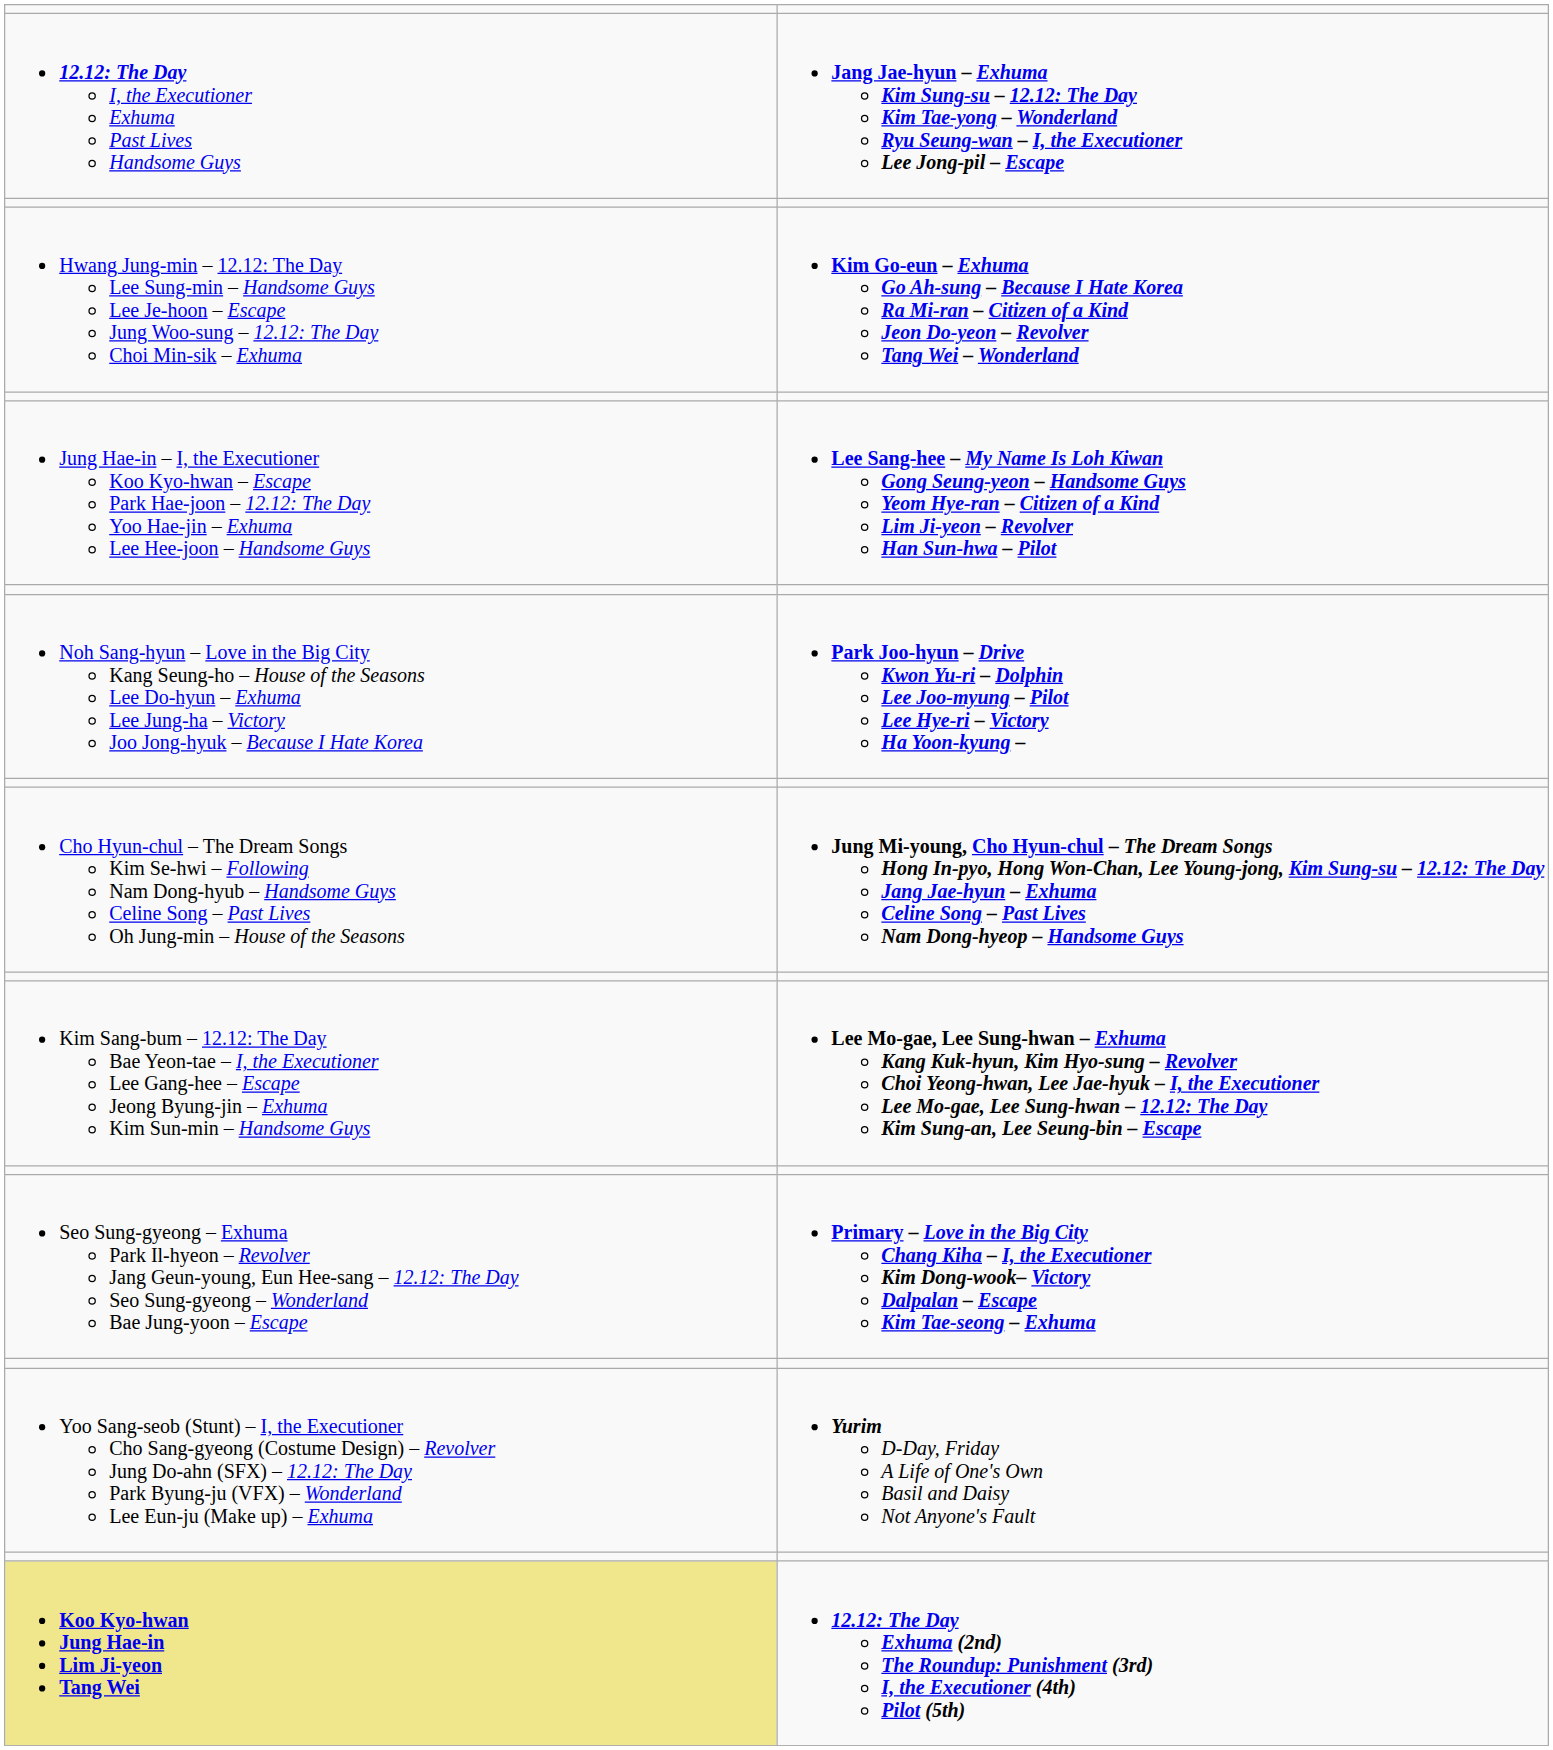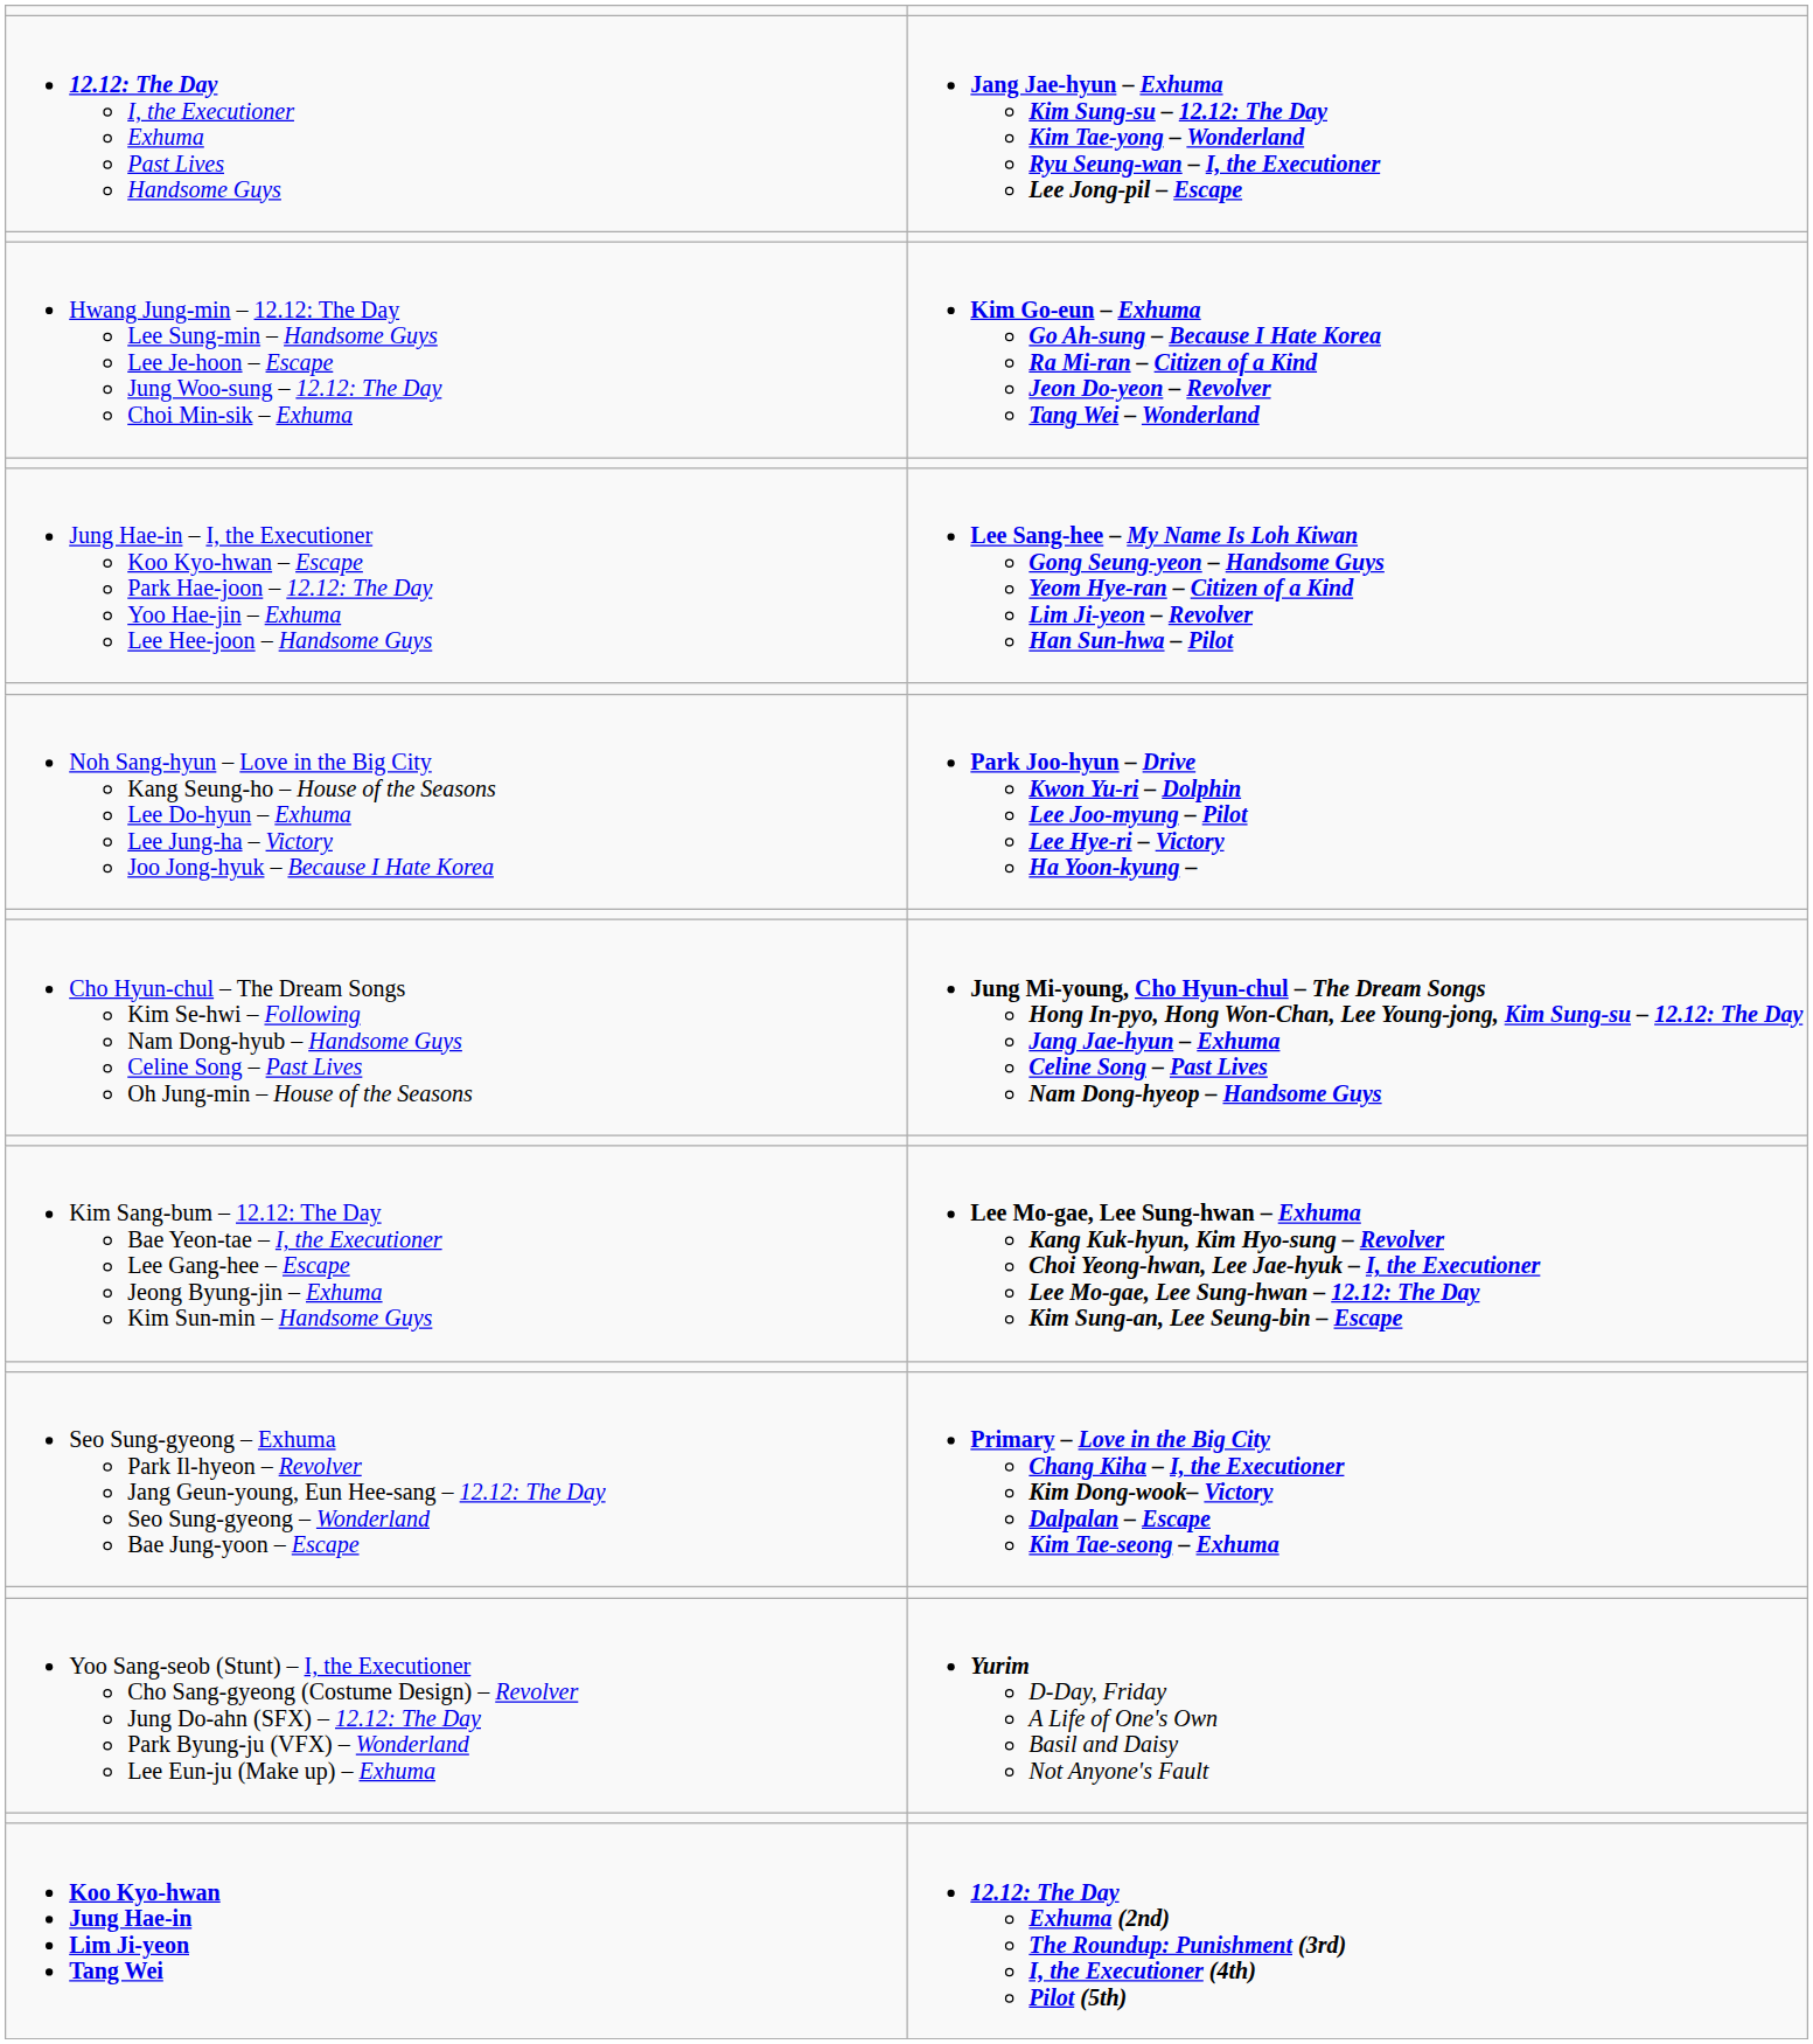 <table class="wikitable ">
 <tr>
 <td style="vertical-align:top; width:50%;"></td>
 <td style="vertical-align:top; width:50%;"></td>
 </tr>
 <tr>
 <td valign="top"><br><ul><li><strong><em><a href='#'>12.12: The Day</a></em></strong> <ul><li><em><a href='#'>I, the Executioner</a></em></li><li><em><a href='#'>Exhuma</a></em></li><li><em><a href='#'>Past Lives</a></em></li><li><em><a href='#'>Handsome Guys</a></em></li></ul></li></ul></td>
 <td valign="top"><br><ul><li><strong><a href='#'>Jang Jae-hyun</a> – <em><a href='#'>Exhuma</a><strong><em> <ul><li><a href='#'>Kim Sung-su</a> – </em><a href='#'>12.12: The Day</a><em></li><li><a href='#'>Kim Tae-yong</a> – </em><a href='#'>Wonderland</a><em></li><li><a href='#'>Ryu Seung-wan</a> – </em><a href='#'>I, the Executioner</a><em></li><li>Lee Jong-pil – </em><a href='#'>Escape</a><em></li></ul></li></ul></td>
 </tr>
 <tr>
 <td style="vertical-align:top; width:50%;"></td>
 <td style="vertical-align:top; width:50%;"></td>
 </tr>
 <tr>
 <td valign="top"><br><ul><li></strong><a href='#'>Hwang Jung-min</a> – </em><a href='#'>12.12: The Day</a></em></strong> <ul><li><a href='#'>Lee Sung-min</a> – <em><a href='#'>Handsome Guys</a></em></li><li><a href='#'>Lee Je-hoon</a> – <em><a href='#'>Escape</a></em></li><li><a href='#'>Jung Woo-sung</a> – <em><a href='#'>12.12: The Day</a></em></li><li><a href='#'>Choi Min-sik</a> – <em><a href='#'>Exhuma</a></em></li></ul></li></ul></td>
 <td valign="top"><br><ul><li><strong><a href='#'>Kim Go-eun</a> – <em><a href='#'>Exhuma</a><strong><em> <ul><li><a href='#'>Go Ah-sung</a> – </em><a href='#'>Because I Hate Korea</a><em></li><li><a href='#'>Ra Mi-ran</a> – </em><a href='#'>Citizen of a Kind</a><em></li><li><a href='#'>Jeon Do-yeon</a> – </em><a href='#'>Revolver</a><em></li><li><a href='#'>Tang Wei</a> – </em><a href='#'>Wonderland</a><em></li></ul></li></ul></td>
 </tr>
 <tr>
 <td style="vertical-align:top; width:50%;"></td>
 <td style="vertical-align:top; width:50%;"></td>
 </tr>
 <tr>
 <td valign="top"><br><ul><li></strong><a href='#'>Jung Hae-in</a> – </em><a href='#'>I, the Executioner</a></em></strong> <ul><li><a href='#'>Koo Kyo-hwan</a> – <em><a href='#'>Escape</a></em></li><li><a href='#'>Park Hae-joon</a> – <em><a href='#'>12.12: The Day</a></em></li><li><a href='#'>Yoo Hae-jin</a> – <em><a href='#'>Exhuma</a></em></li><li><a href='#'>Lee Hee-joon</a> – <em><a href='#'>Handsome Guys</a></em></li></ul></li></ul></td>
 <td valign="top"><br><ul><li><strong><a href='#'>Lee Sang-hee</a> – <em><a href='#'>My Name Is Loh Kiwan</a><strong><em> <ul><li><a href='#'>Gong Seung-yeon</a> – </em><a href='#'>Handsome Guys</a><em></li><li><a href='#'>Yeom Hye-ran</a> – </em><a href='#'>Citizen of a Kind</a><em></li><li><a href='#'>Lim Ji-yeon</a> – </em><a href='#'>Revolver</a><em></li><li><a href='#'>Han Sun-hwa</a> – </em><a href='#'>Pilot</a><em></li></ul></li></ul></td>
 </tr>
 <tr>
 <td style="vertical-align:top; width:50%;"></td>
 <td style="vertical-align:top; width:50%;"></td>
 </tr>
 <tr>
 <td valign="top"><br><ul><li></strong><a href='#'>Noh Sang-hyun</a> – </em><a href='#'>Love in the Big City</a></em></strong> <ul><li>Kang Seung-ho – <em>House of the Seasons</em></li><li><a href='#'>Lee Do-hyun</a> – <em><a href='#'>Exhuma</a></em></li><li><a href='#'>Lee Jung-ha</a> – <em><a href='#'>Victory</a></em></li><li><a href='#'>Joo Jong-hyuk</a> – <em><a href='#'>Because I Hate Korea</a></em></li></ul></li></ul></td>
 <td valign="top"><br><ul><li><strong><a href='#'>Park Joo-hyun</a> – <em><a href='#'>Drive</a><strong><em> <ul><li><a href='#'>Kwon Yu-ri</a> – </em><a href='#'>Dolphin</a><em></li><li><a href='#'>Lee Joo-myung</a> – </em><a href='#'>Pilot</a><em></li><li><a href='#'>Lee Hye-ri</a> – </em><a href='#'>Victory</a><em></li><li><a href='#'>Ha Yoon-kyung</a> – </em><em></li></ul></li></ul></td>
 </tr>
 <tr>
 <td style="vertical-align:top; width:50%;"></td>
 <td style="vertical-align:top; width:50%;"></td>
 </tr>
 <tr>
 <td valign="top"><br><ul><li></strong><a href='#'>Cho Hyun-chul</a> – </em>The Dream Songs</em></strong> <ul><li>Kim Se-hwi – <em><a href='#'>Following</a></em></li><li>Nam Dong-hyub – <em><a href='#'>Handsome Guys</a></em></li><li><a href='#'>Celine Song</a> – <em><a href='#'>Past Lives</a></em></li><li>Oh Jung-min – <em>House of the Seasons</em></li></ul></li></ul></td>
 <td valign="top"><br><ul><li><strong>Jung Mi-young, <a href='#'>Cho Hyun-chul</a> – <em>The Dream Songs<strong><em> <ul><li>Hong In-pyo, Hong Won-Chan, Lee Young-jong, <a href='#'>Kim Sung-su</a> – </em><a href='#'>12.12: The Day</a><em></li><li><a href='#'>Jang Jae-hyun</a> – </em><a href='#'>Exhuma</a><em></li><li><a href='#'>Celine Song</a> – </em><a href='#'>Past Lives</a><em></li><li>Nam Dong-hyeop – </em><a href='#'>Handsome Guys</a><em></li></ul></li></ul></td>
 </tr>
 <tr>
 <td style="vertical-align:top; width:50%;"></td>
 <td style="vertical-align:top; width:50%;"></td>
 </tr>
 <tr>
 <td valign="top"><br><ul><li></strong>Kim Sang-bum – </em><a href='#'>12.12: The Day</a></em></strong> <ul><li>Bae Yeon-tae – <em><a href='#'>I, the Executioner</a></em></li><li>Lee Gang-hee – <em><a href='#'>Escape</a></em></li><li>Jeong Byung-jin – <em><a href='#'>Exhuma</a></em></li><li>Kim Sun-min – <em><a href='#'>Handsome Guys</a></em></li></ul></li></ul></td>
 <td valign="top"><br><ul><li><strong>Lee Mo-gae, Lee Sung-hwan – <em><a href='#'>Exhuma</a><strong><em> <ul><li>Kang Kuk-hyun, Kim Hyo-sung – </em><a href='#'>Revolver</a><em></li><li>Choi Yeong-hwan, Lee Jae-hyuk – </em><a href='#'>I, the Executioner</a><em></li><li>Lee Mo-gae, Lee Sung-hwan – </em><a href='#'>12.12: The Day</a><em></li><li>Kim Sung-an, Lee Seung-bin – </em><a href='#'>Escape</a><em></li></ul></li></ul></td>
 </tr>
 <tr>
 <td style="vertical-align:top; width:50%;"></td>
 <td style="vertical-align:top; width:50%;"></td>
 </tr>
 <tr>
 <td valign="top"><br><ul><li></strong>Seo Sung-gyeong – </em><a href='#'>Exhuma</a></em></strong> <ul><li>Park Il-hyeon – <em><a href='#'>Revolver</a></em></li><li>Jang Geun-young, Eun Hee-sang – <em><a href='#'>12.12: The Day</a></em></li><li>Seo Sung-gyeong – <em><a href='#'>Wonderland</a></em></li><li>Bae Jung-yoon – <em><a href='#'>Escape</a></em></li></ul></li></ul></td>
 <td valign="top"><br><ul><li><strong><a href='#'>Primary</a> – <em><a href='#'>Love in the Big City</a><strong><em> <ul><li><a href='#'>Chang Kiha</a> – </em><a href='#'>I, the Executioner</a><em></li><li>Kim Dong-wook– </em><a href='#'>Victory</a><em></li><li><a href='#'>Dalpalan</a> – </em><a href='#'>Escape</a><em></li><li><a href='#'>Kim Tae-seong</a> – </em><a href='#'>Exhuma</a><em></li></ul></li></ul></td>
 </tr>
 <tr>
 <td style="vertical-align:top; width:50%;"></td>
 <td style="vertical-align:top; width:50%;"></td>
 </tr>
 <tr>
 <td valign="top"><br><ul><li></strong>Yoo Sang-seob (Stunt) – </em><a href='#'>I, the Executioner</a></em></strong> <ul><li>Cho Sang-gyeong (Costume Design) – <em><a href='#'>Revolver</a></em></li><li>Jung Do-ahn (SFX) – <em><a href='#'>12.12: The Day</a></em></li><li>Park Byung-ju (VFX) – <em><a href='#'>Wonderland</a></em></li><li>Lee Eun-ju (Make up) – <em><a href='#'>Exhuma</a></em></li></ul></li></ul></td>
 <td valign="top"><br><ul><li><strong><em>Yurim</em></strong> <ul><li><em>D-Day, Friday</em></li><li><em>A Life of One's Own</em></li><li><em>Basil and Daisy</em></li><li><em>Not Anyone's Fault</em></li></ul></li></ul></td>
 </tr>
 <tr>
 <td style="vertical-align:top; width:50%;"></td>
 <td style="vertical-align:top; width:50%;"></td>
 </tr>
 <tr>
-<td valign="top" style="background: khaki;"><br><ul><li><strong><a href='#'>Koo Kyo-hwan</a> </strong></li><li><strong><a href='#'>Jung Hae-in</a> </strong></li><li><strong><a href='#'>Lim Ji-yeon</a> </strong></li><li><strong><a href='#'>Tang Wei</a> </strong></li></ul></td>
+<td valign="top"><br><ul><li><strong><a href='#'>Koo Kyo-hwan</a> </strong></li><li><strong><a href='#'>Jung Hae-in</a> </strong></li><li><strong><a href='#'>Lim Ji-yeon</a> </strong></li><li><strong><a href='#'>Tang Wei</a> </strong></li></ul></td>
 <td valign="top"><br><ul><li><strong><em><a href='#'>12.12: The Day</a><em> <strong><ul><li></em><a href='#'>Exhuma</a><em> (2nd)</li><li></em><a href='#'>The Roundup: Punishment</a><em> (3rd)</li><li></em><a href='#'>I, the Executioner</a><em> (4th)</li><li></em><a href='#'>Pilot</a><em> (5th)</li></ul></li></ul></td>
 </tr>
 <tr>
 </tr>
 </table>
